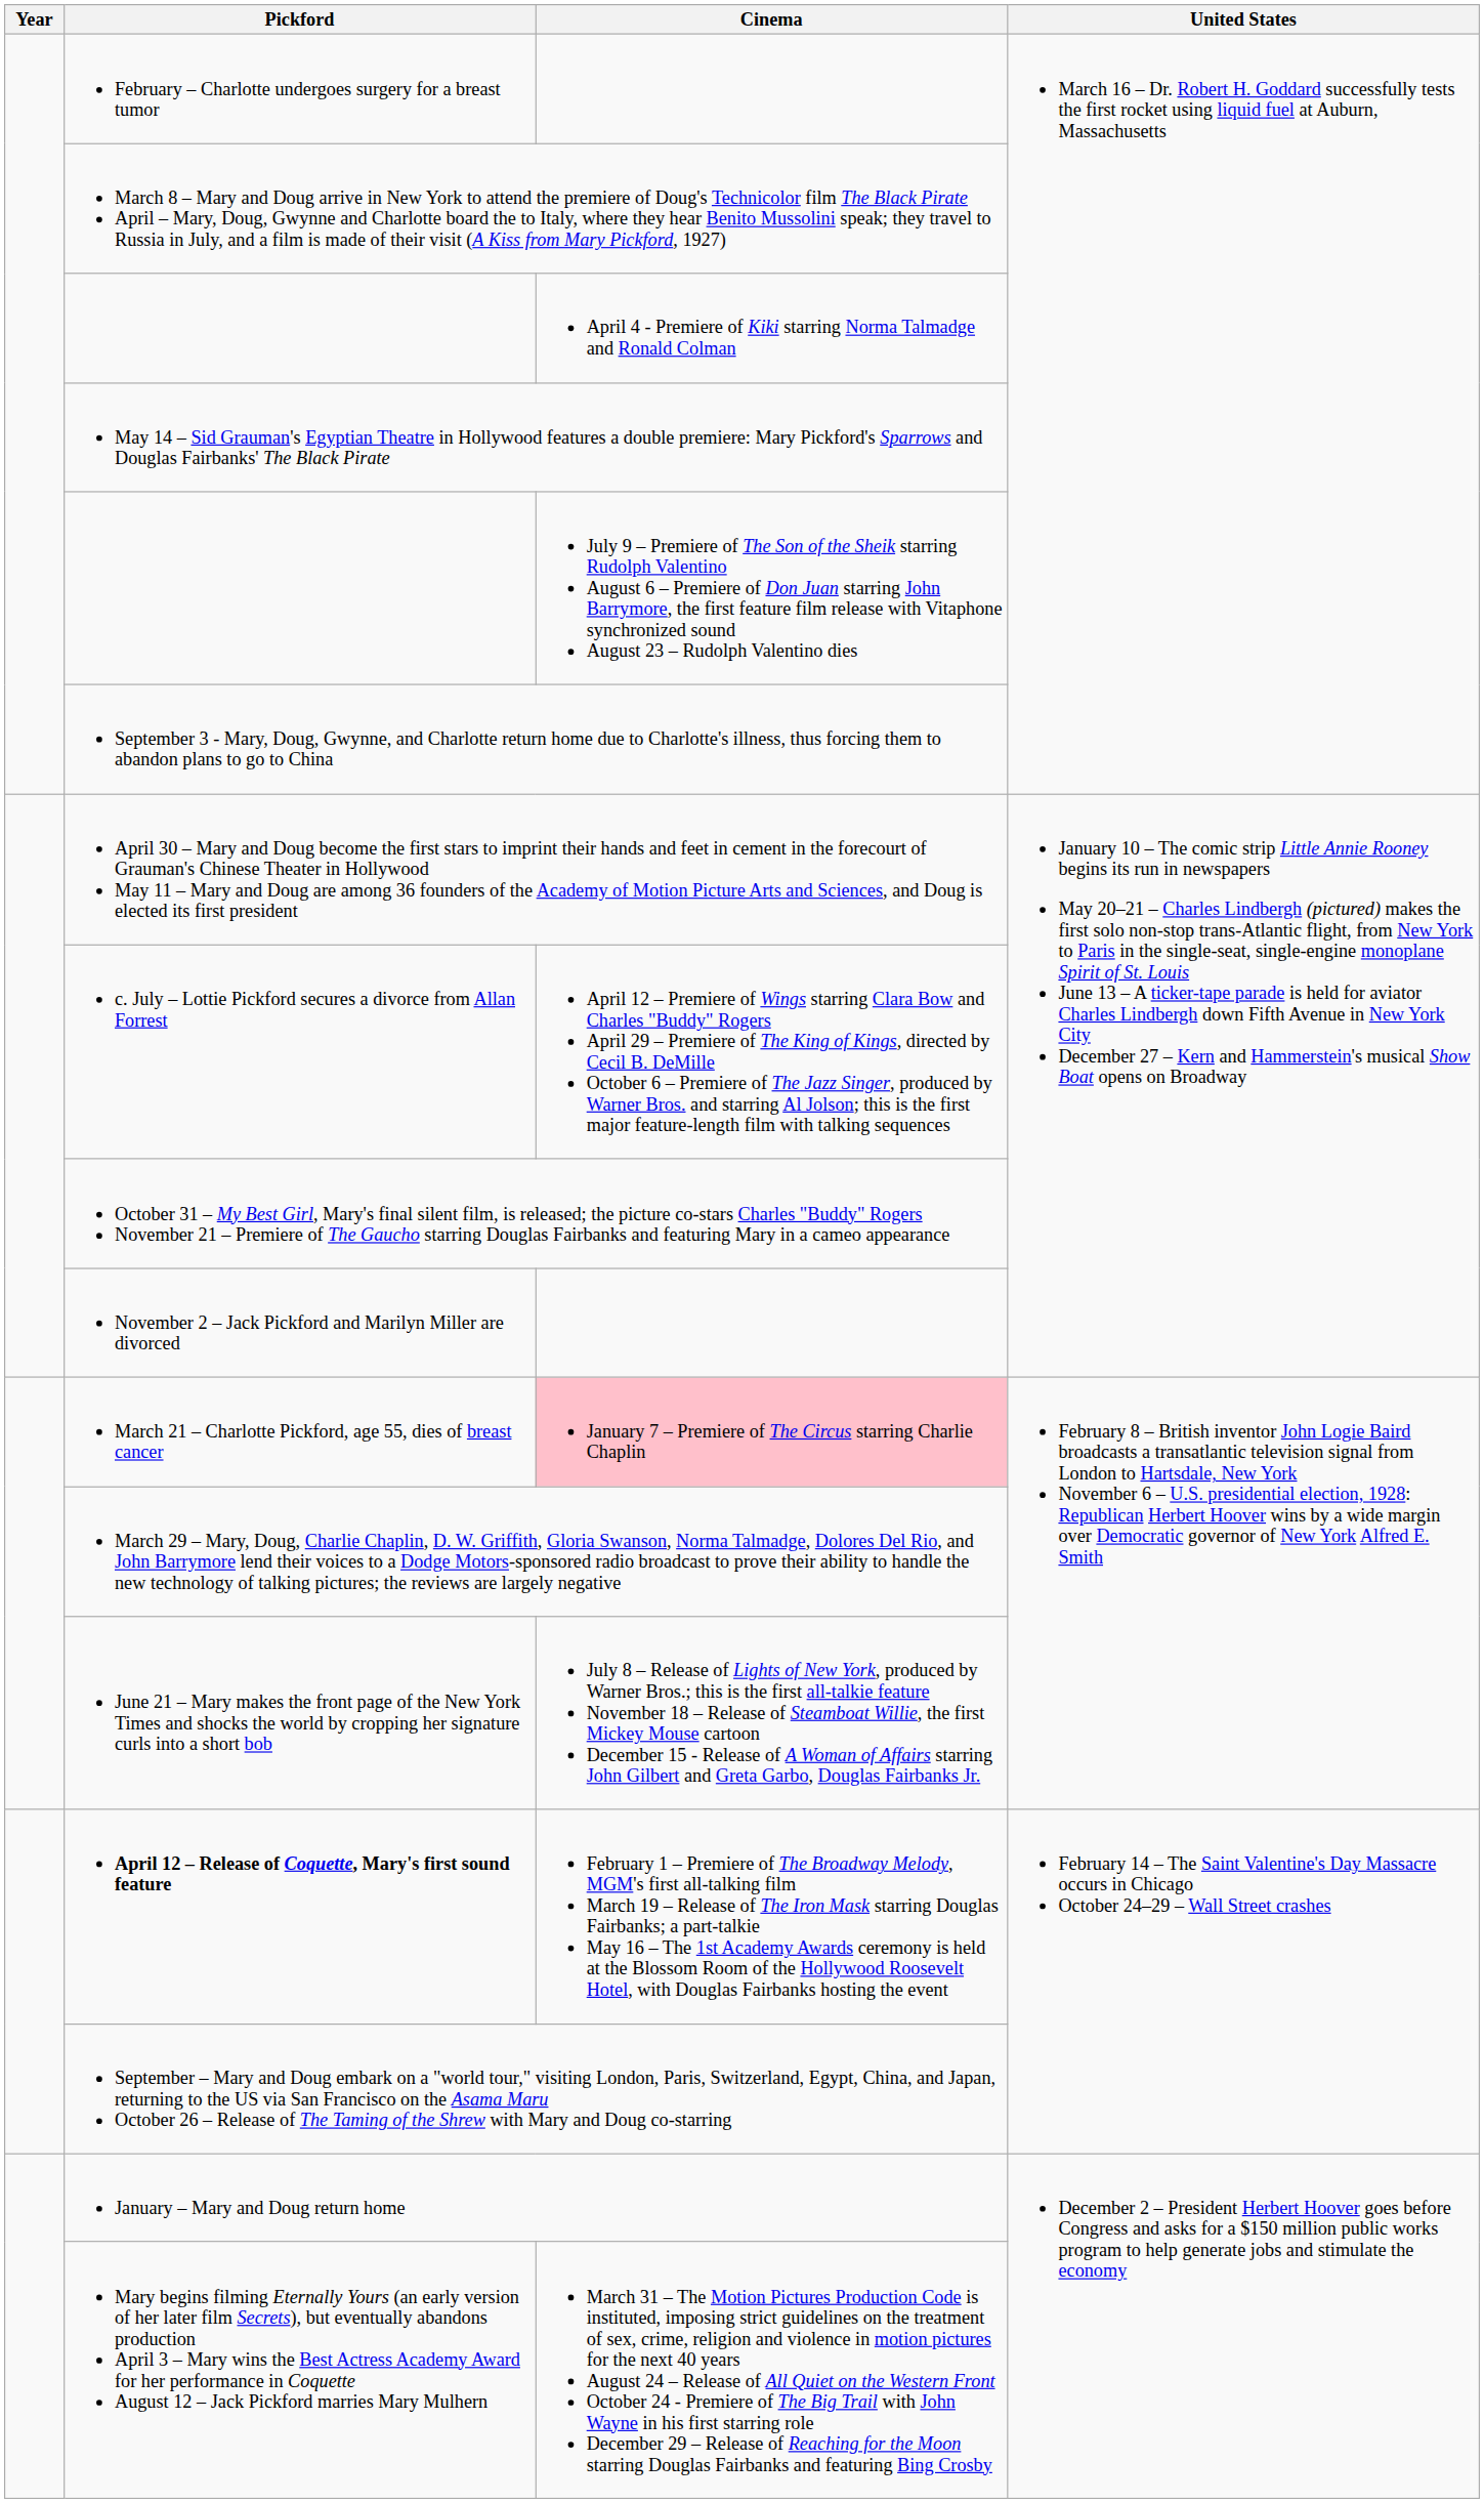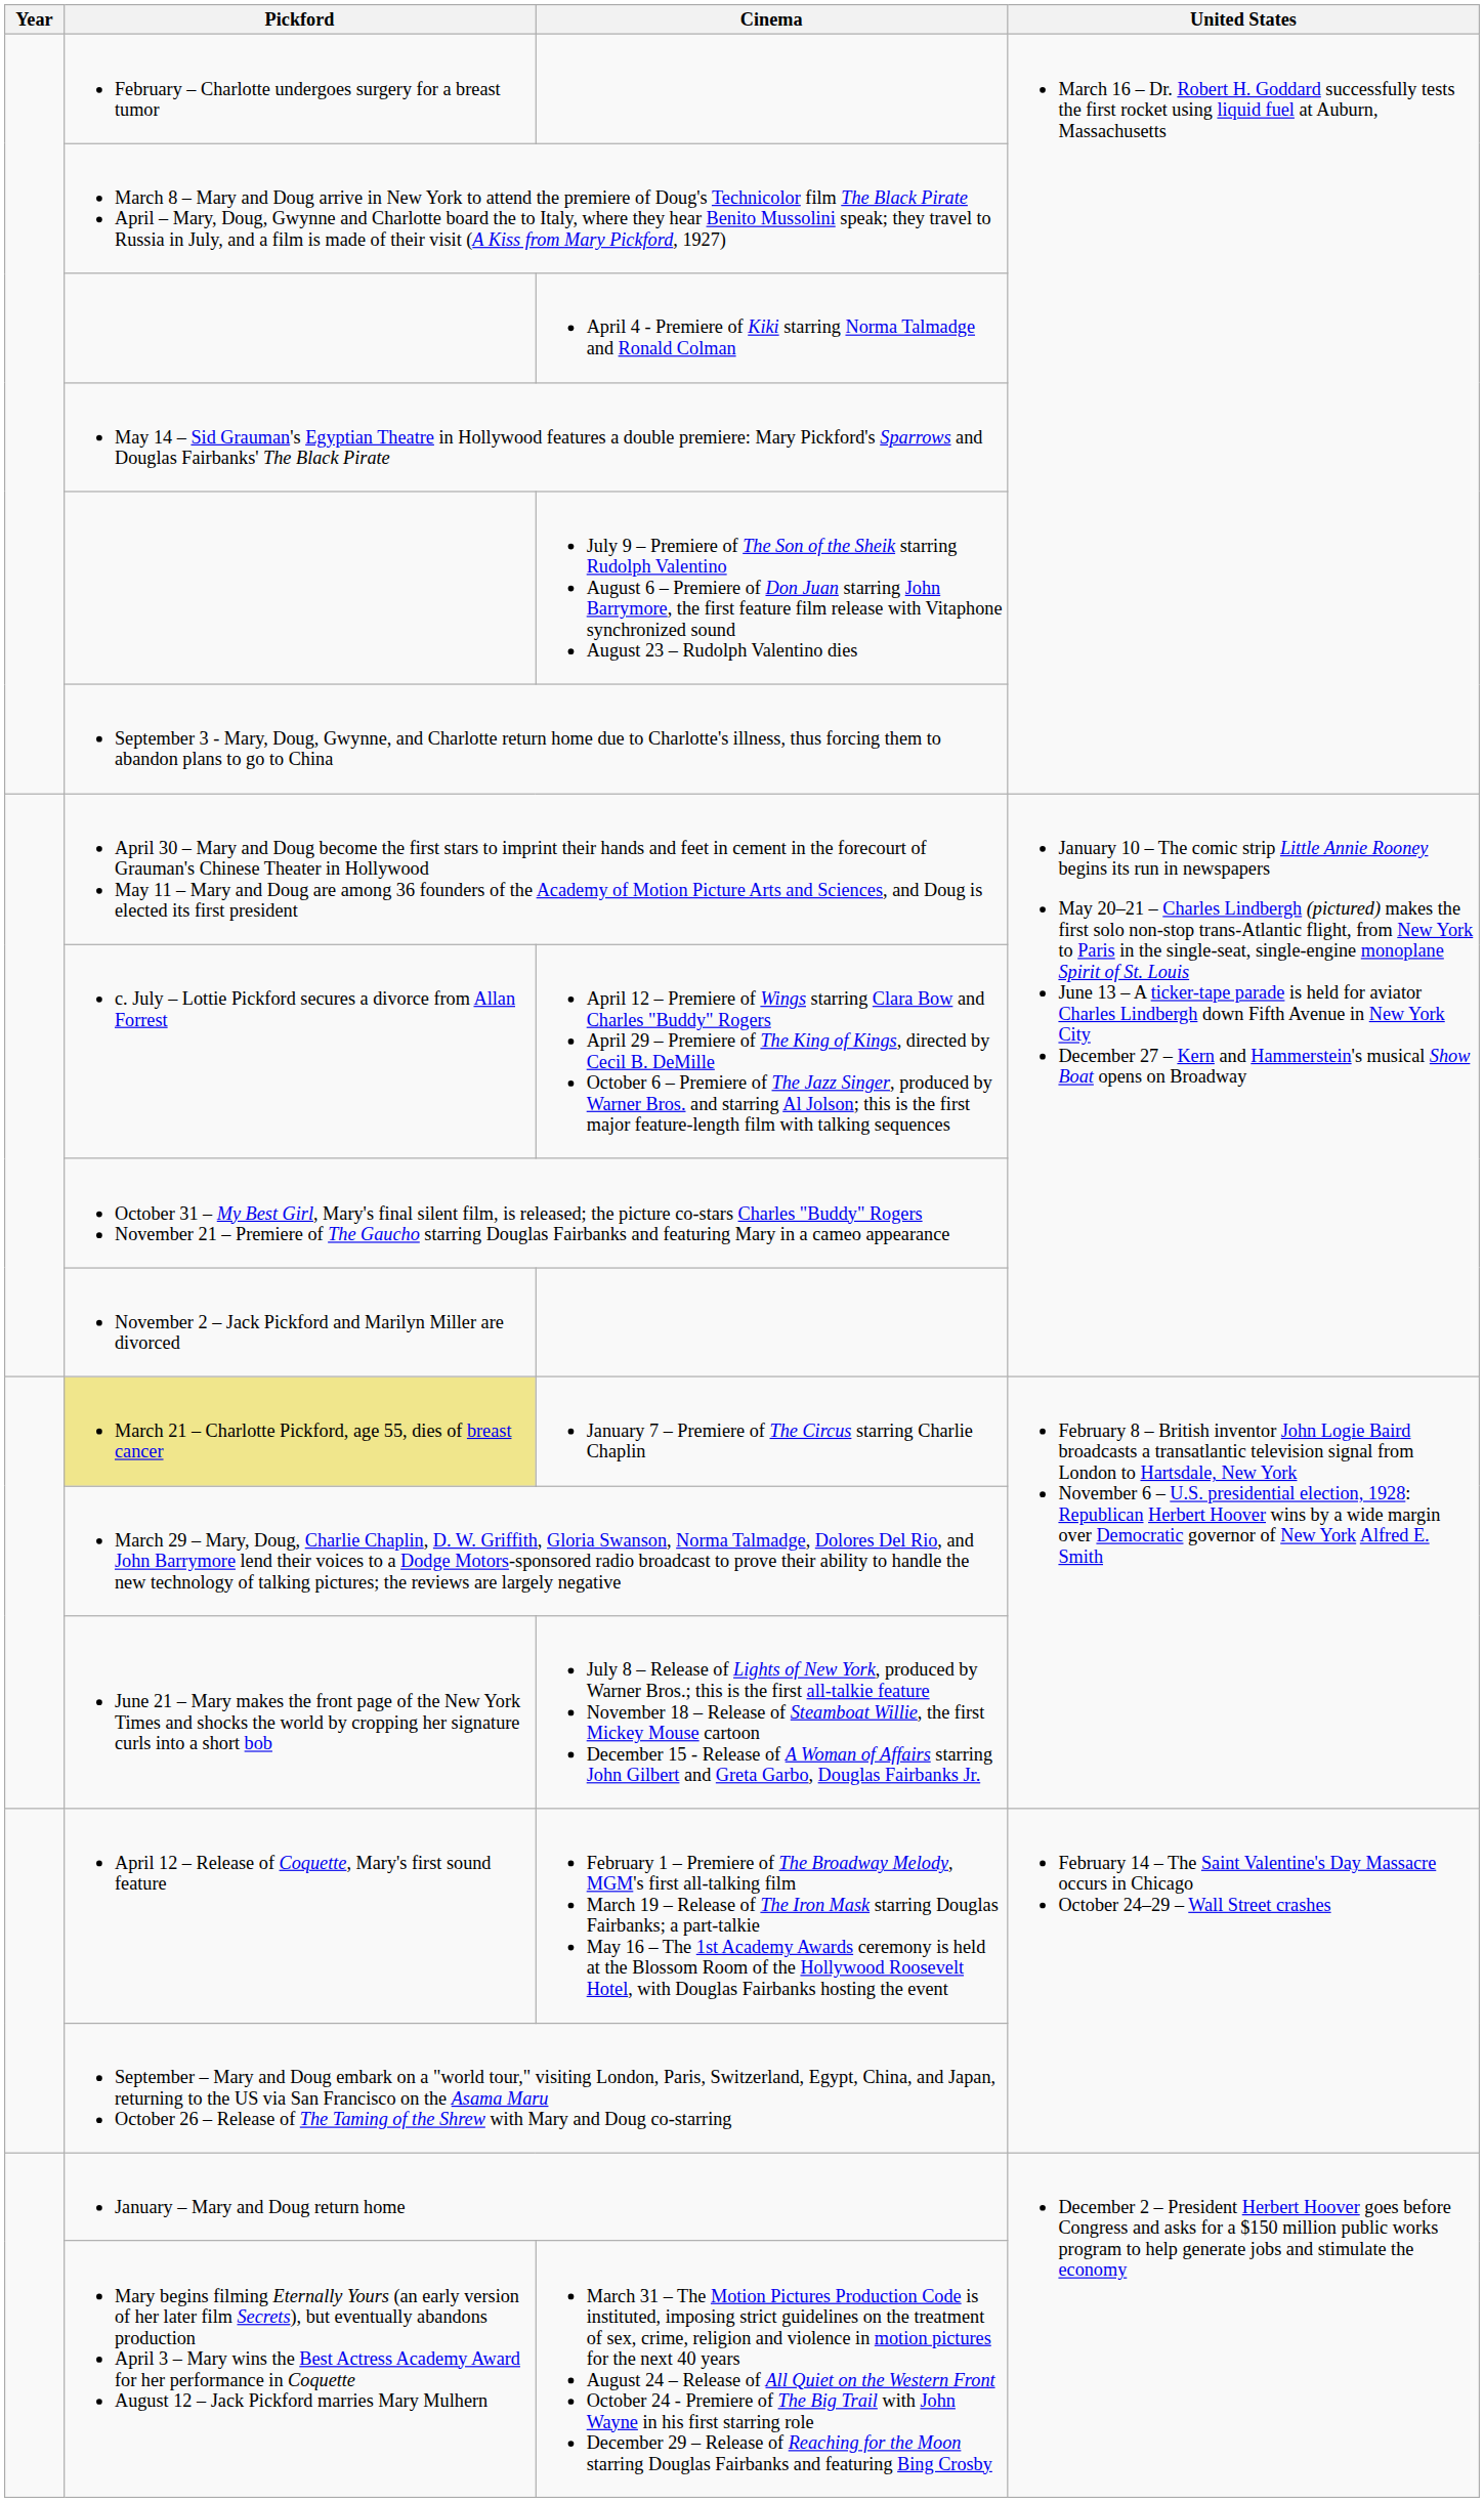 <table class="wikitable sticky-header" width=100%>
 <tr>
 <th width=4%>Year</th>
 <th width=32%>Pickford</th>
 <th width=32%>Cinema</th>
 <th width=32%>United States</th>
 </tr>
 <tr valign=top>
 <td rowspan=6><br></td>
 <td><br><ul><li>February – Charlotte undergoes surgery for a breast tumor</li></ul></td>
 <td></td>
 <td rowspan=6><br><ul><li>March 16 – Dr. <a href='#'>Robert H. Goddard</a> successfully tests the first rocket using <a href='#'>liquid fuel</a> at Auburn, Massachusetts</li></ul></td>
 </tr>
 <tr>
 <td colspan=2 valign=top><br><ul><li>March 8 – Mary and Doug arrive in New York to attend the premiere of Doug's <a href='#'>Technicolor</a> film <em><a href='#'>The Black Pirate</a></em></li><li>April – Mary, Doug, Gwynne and Charlotte board the  to Italy, where they hear <a href='#'>Benito Mussolini</a> speak; they travel to Russia in July, and a film is made of their visit (<em><a href='#'>A Kiss from Mary Pickford</a></em>, 1927)</li></ul></td>
 </tr>
 <tr align=top|>
 <td></td>
 <td><br><ul><li>April 4 - Premiere of <em><a href='#'>Kiki</a></em> starring <a href='#'>Norma Talmadge</a> and <a href='#'>Ronald Colman</a></li></ul></td>
 </tr>
 <tr>
 <td colspan=2 valign=top><br><ul><li>May 14 – <a href='#'>Sid Grauman</a>'s <a href='#'>Egyptian Theatre</a> in Hollywood features a double premiere: Mary Pickford's <em><a href='#'>Sparrows</a></em> and Douglas Fairbanks' <em>The Black Pirate</em></li></ul></td>
 </tr>
 <tr align=top|>
 <td></td>
 <td><br><ul><li>July 9 – Premiere of <em><a href='#'>The Son of the Sheik</a></em> starring <a href='#'>Rudolph Valentino</a></li><li>August 6 – Premiere of <em><a href='#'>Don Juan</a></em> starring <a href='#'>John Barrymore</a>, the first feature film release with Vitaphone synchronized sound</li><li>August 23 – Rudolph Valentino dies</li></ul></td>
 </tr>
 <tr>
 <td align=top colspan=2><br><ul><li>September 3 - Mary, Doug, Gwynne, and Charlotte return home due to Charlotte's illness, thus forcing them to abandon plans to go to China</li></ul></td>
 </tr>
 <tr valign=top>
 <td rowspan=4><br></td>
 <td colspan=2><br><ul><li>April 30 – Mary and Doug become the first stars to imprint their hands and feet in cement in the forecourt of Grauman's Chinese Theater in Hollywood</li><li>May  11 – Mary and Doug are among 36 founders of the <a href='#'>Academy of Motion Picture Arts and Sciences</a>, and Doug is elected its first president</li></ul></td>
 <td rowspan=4><br><ul><li>January 10 – The comic strip <em><a href='#'>Little Annie Rooney</a></em> begins its run in newspapers</li></ul><ul><li>May 20–21 – <a href='#'>Charles Lindbergh</a> <em>(pictured)</em> makes the first solo non-stop trans-Atlantic flight, from <a href='#'>New York</a> to <a href='#'>Paris</a> in the single-seat, single-engine <a href='#'>monoplane</a> <em><a href='#'>Spirit of St. Louis</a></em></li><li>June 13 – A <a href='#'>ticker-tape parade</a> is held for  aviator <a href='#'>Charles Lindbergh</a> down Fifth Avenue in <a href='#'>New York City</a></li><li>December 27 – <a href='#'>Kern</a> and <a href='#'>Hammerstein</a>'s musical <em><a href='#'>Show Boat</a></em> opens on Broadway</li></ul></td>
 </tr>
 <tr>
 <td valign=top><br><ul><li>c. July – Lottie Pickford secures a divorce from <a href='#'>Allan Forrest</a></li></ul></td>
 <td><br><ul><li>April 12 – Premiere of <em><a href='#'>Wings</a></em> starring <a href='#'>Clara Bow</a> and <a href='#'>Charles "Buddy" Rogers</a></li><li>April 29 – Premiere of <em><a href='#'>The King of Kings</a></em>, directed by <a href='#'>Cecil B. DeMille</a></li><li>October 6 – Premiere of <em><a href='#'>The Jazz Singer</a></em>, produced by <a href='#'>Warner Bros.</a> and starring <a href='#'>Al Jolson</a>; this is the first major feature-length film with talking sequences</li></ul></td>
 </tr>
 <tr>
 <td colspan=2 valign=top><br><ul><li>October 31 – <em><a href='#'>My Best Girl</a></em>, Mary's final silent film, is released; the picture co-stars <a href='#'>Charles "Buddy" Rogers</a></li><li>November 21 – Premiere of <em><a href='#'>The Gaucho</a></em> starring Douglas Fairbanks and featuring Mary in a cameo appearance</li></ul></td>
 </tr>
 <tr>
 <td><br><ul><li>November 2 – Jack Pickford and Marilyn Miller are divorced</li></ul></td>
 <td></td>
 </tr>
 <tr valign=top>
 <td rowspan=3><br></td>
-<td><br><ul><li>March 21 – Charlotte Pickford, age 55, dies of <a href='#'>breast cancer</a></li></ul></td>
-<td style="background: pink;"><br><ul><li>January 7 – Premiere of <em><a href='#'>The Circus</a></em> starring Charlie Chaplin</li></ul></td>
+<td style="background: khaki;"><br><ul><li>March 21 – Charlotte Pickford, age 55, dies of <a href='#'>breast cancer</a></li></ul></td>
+<td><br><ul><li>January 7 – Premiere of <em><a href='#'>The Circus</a></em> starring Charlie Chaplin</li></ul></td>
 <td rowspan=3><br><ul><li>February 8 – British inventor <a href='#'>John Logie Baird</a> broadcasts a transatlantic television signal from London to <a href='#'>Hartsdale, New York</a></li><li>November 6 – <a href='#'>U.S. presidential election, 1928</a>: <a href='#'>Republican</a> <a href='#'>Herbert Hoover</a> wins by a wide margin over <a href='#'>Democratic</a> governor of <a href='#'>New York</a> <a href='#'>Alfred E. Smith</a></li></ul></td>
 </tr>
 <tr>
 <td colspan=2 valign=top><br><ul><li>March 29 – Mary, Doug, <a href='#'>Charlie Chaplin</a>, <a href='#'>D. W. Griffith</a>, <a href='#'>Gloria Swanson</a>, <a href='#'>Norma Talmadge</a>, <a href='#'>Dolores Del Rio</a>, and <a href='#'>John Barrymore</a> lend their voices to a <a href='#'>Dodge Motors</a>-sponsored radio broadcast to prove their ability to handle the new technology of talking pictures; the reviews are largely negative</li></ul></td>
 </tr>
 <tr valign=top|>
 <td><br><ul><li>June 21 – Mary makes the front page of the New York Times and shocks the world by cropping her signature curls into a short <a href='#'>bob</a></li></ul></td>
 <td><br><ul><li>July 8 – Release of <em><a href='#'>Lights of New York</a></em>, produced by Warner Bros.; this is the first <a href='#'>all-talkie feature</a></li><li>November 18 – Release of <em><a href='#'>Steamboat Willie</a></em>, the first <a href='#'>Mickey Mouse</a> cartoon</li><li>December 15 - Release of <em><a href='#'>A Woman of Affairs</a></em> starring <a href='#'>John Gilbert</a> and <a href='#'>Greta Garbo</a>, <a href='#'>Douglas Fairbanks Jr.</a></li></ul></td>
 </tr>
 <tr valign=top>
 <td rowspan=2><br></td>
-<td><strong><br><ul><li>April 12 – Release of <em><a href='#'>Coquette</a></em>, Mary's first sound feature</li></ul></strong></td>
+<td><br><ul><li>April 12 – Release of <em><a href='#'>Coquette</a></em>, Mary's first sound feature</li></ul></td>
 <td><br><ul><li>February 1 – Premiere of <em><a href='#'>The Broadway Melody</a></em>, <a href='#'>MGM</a>'s first all-talking film</li><li>March 19 – Release of <em><a href='#'>The Iron Mask</a></em> starring Douglas Fairbanks; a part-talkie</li><li>May 16 – The <a href='#'>1st Academy Awards</a> ceremony is held at the Blossom Room of the <a href='#'>Hollywood Roosevelt Hotel</a>, with Douglas Fairbanks hosting the event</li></ul></td>
 <td rowspan=2><br><ul><li>February 14 – The <a href='#'>Saint Valentine's Day Massacre</a> occurs in Chicago</li><li>October 24–29 – <a href='#'>Wall Street crashes</a></li></ul></td>
 </tr>
 <tr>
 <td colspan=2 valign=top><br><ul><li>September – Mary and Doug embark on a "world tour," visiting London, Paris, Switzerland, Egypt, China, and Japan, returning to the US via San Francisco on the <em><a href='#'>Asama Maru</a></em></li><li>October 26 – Release of <em><a href='#'>The Taming of the Shrew</a></em> with Mary and Doug co-starring</li></ul></td>
 </tr>
 <tr valign=top>
 <td rowspan=2><br></td>
 <td colspan=2><br><ul><li>January – Mary and Doug return home</li></ul></td>
 <td rowspan=2><br><ul><li>December 2 – President <a href='#'>Herbert Hoover</a> goes before Congress and asks for a $150 million public works program to help generate jobs and stimulate the <a href='#'>economy</a></li></ul></td>
 </tr>
 <tr>
 <td valign=top><br><ul><li>Mary begins filming <em>Eternally Yours</em> (an early version of her later film <em><a href='#'>Secrets</a></em>), but eventually abandons production</li><li>April 3 – Mary wins the <a href='#'>Best Actress Academy Award</a> for her performance in <em>Coquette</em></li><li>August 12 – Jack Pickford marries Mary Mulhern</li></ul></td>
 <td><br><ul><li>March 31 – The <a href='#'>Motion Pictures Production Code</a> is instituted, imposing strict guidelines on the treatment of sex, crime, religion and violence in <a href='#'>motion pictures</a> for the next 40 years</li><li>August 24 – Release of <em><a href='#'>All Quiet on the Western Front</a></em></li><li>October 24 - Premiere of <em><a href='#'>The Big Trail</a></em> with <a href='#'>John Wayne</a> in his first starring role</li><li>December 29 – Release of <em><a href='#'>Reaching for the Moon</a></em> starring Douglas Fairbanks and featuring <a href='#'>Bing Crosby</a></li></ul></td>
 </tr>
 </table>
